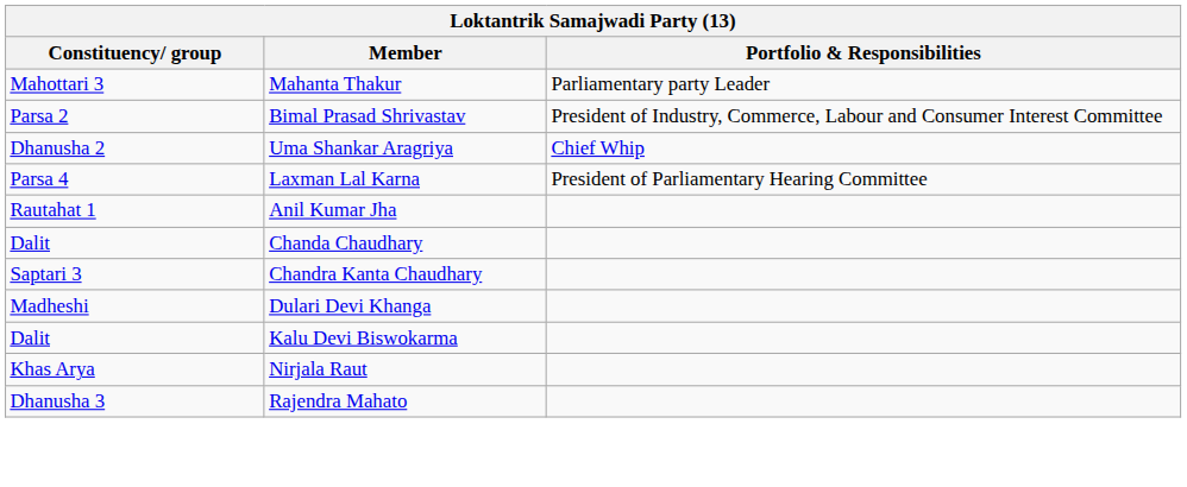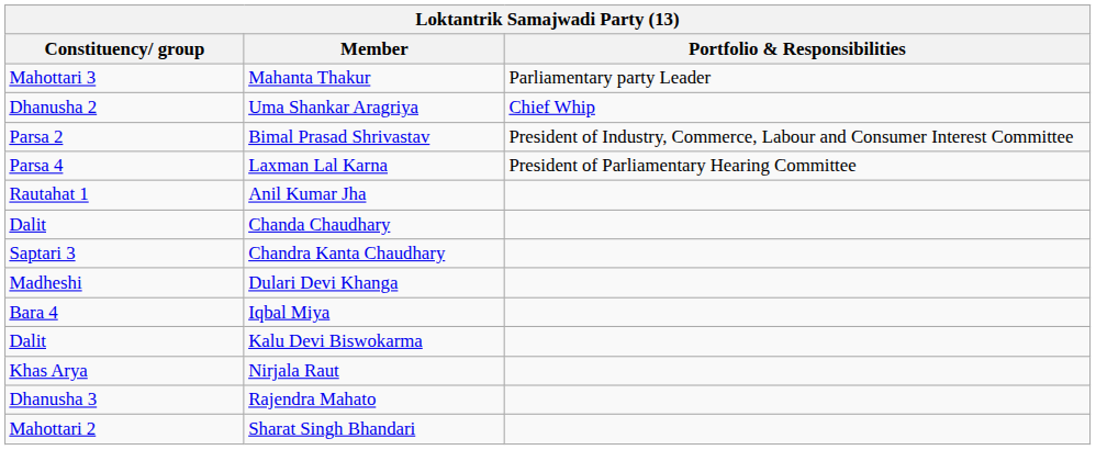 <table class="wikitable sortable mw-collapsible mw-collapsed">
 <tr>
 <th colspan="3" style="width: 700pt; background:">Loktantrik Samajwadi Party (13)</th>
 </tr>
 <tr>
 <th style="width:150pt;">Constituency/ group</th>
 <th>Member</th>
 <th style="width:375pt;">Portfolio & Responsibilities</th>
 </tr>
 <tr>
 <td><a href='#'>Mahottari 3</a></td>
 <td><a href='#'>Mahanta Thakur</a></td>
 <td>Parliamentary party Leader</td>
 </tr>
 <tr>
+<td><a href='#'>Dhanusha 2</a></td>
+<td><a href='#'>Uma Shankar Aragriya</a></td>
+<td><a href='#'>Chief Whip</a></td>
+</tr>
+<tr>
 <td><a href='#'>Parsa 2</a></td>
 <td><a href='#'>Bimal Prasad Shrivastav</a></td>
 <td>President of Industry, Commerce, Labour and Consumer Interest Committee</td>
-</tr>
-<tr>
-<td><a href='#'>Dhanusha 2</a></td>
-<td><a href='#'>Uma Shankar Aragriya</a></td>
-<td><a href='#'>Chief Whip</a></td>
 </tr>
 <tr>
 <td><a href='#'>Parsa 4</a></td>
 <td><a href='#'>Laxman Lal Karna</a></td>
 <td>President of Parliamentary Hearing Committee</td>
 </tr>
 <tr>
 <td><a href='#'>Rautahat 1</a></td>
 <td><a href='#'>Anil Kumar Jha</a></td>
 <td></td>
 </tr>
 <tr>
 <td><a href='#'>Dalit</a></td>
 <td><a href='#'>Chanda Chaudhary</a></td>
 <td></td>
 </tr>
 <tr>
 <td><a href='#'>Saptari 3</a></td>
 <td><a href='#'>Chandra Kanta Chaudhary</a></td>
 <td></td>
 </tr>
 <tr>
 <td><a href='#'>Madheshi</a></td>
 <td><a href='#'>Dulari Devi Khanga</a></td>
 <td></td>
 </tr>
 <tr>
+<td><a href='#'>Bara 4</a></td>
+<td><a href='#'>Iqbal Miya</a></td>
+<td></td>
+</tr>
+<tr>
 <td><a href='#'>Dalit</a></td>
 <td><a href='#'>Kalu Devi Biswokarma</a></td>
 <td></td>
 </tr>
 <tr>
 <td><a href='#'>Khas Arya</a></td>
 <td><a href='#'>Nirjala Raut</a></td>
 <td></td>
 </tr>
 <tr>
 <td><a href='#'>Dhanusha 3</a></td>
 <td><a href='#'>Rajendra Mahato</a></td>
 <td></td>
 </tr>
+<tr>
+<td><a href='#'>Mahottari 2</a></td>
+<td><a href='#'>Sharat Singh Bhandari</a></td>
+<td></td>
+</tr>
 </table>
